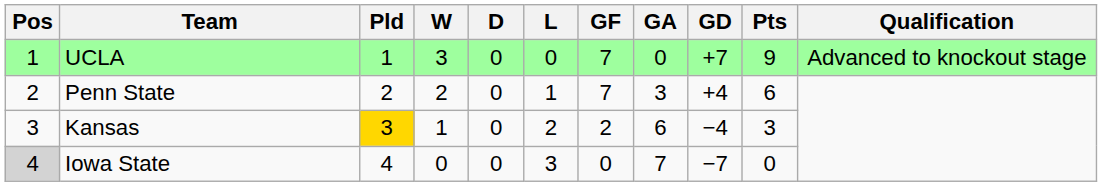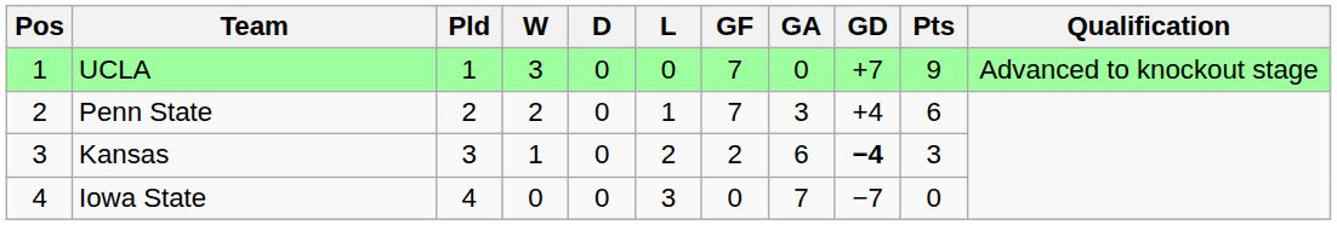 <table class="wikitable" style="text-align:center; margin: 1em auto">
 <tr>
 <th style="width:2em">Pos</th>
 <th style="width:13em">Team</th>
 <th style="width:2em">Pld</th>
 <th style="width:2em">W</th>
 <th style="width:2em">D</th>
 <th style="width:2em">L</th>
 <th style="width:2em">GF</th>
 <th style="width:2em">GA</th>
 <th style="width:2em">GD</th>
 <th style="width:2em">Pts</th>
 <th style="width:13em">Qualification</th>
 </tr>
 <tr bgcolor="#9eff9e">
 <td>1</td>
 <td style="text-align:left">UCLA</td>
 <td>1</td>
 <td>3</td>
 <td>0</td>
 <td>0</td>
 <td>7</td>
 <td>0</td>
 <td>+7</td>
 <td>9</td>
 <td>Advanced to knockout stage</td>
 </tr>
 <tr>
 <td>2</td>
 <td style="text-align:left">Penn State</td>
 <td>2</td>
 <td>2</td>
 <td>0</td>
 <td>1</td>
 <td>7</td>
 <td>3</td>
 <td>+4</td>
 <td>6</td>
 <td rowspan="3"></td>
 </tr>
 <tr>
 <td>3</td>
 <td style="text-align:left">Kansas</td>
-<td style="background: gold;">3</td>
+<td>3</td>
 <td>1</td>
 <td>0</td>
 <td>2</td>
 <td>2</td>
 <td>6</td>
-<td>−4</td>
+<td><strong>−4</strong></td>
 <td>3</td>
 </tr>
 <tr>
-<td style="background: lightgrey;">4</td>
+<td>4</td>
 <td style="text-align:left">Iowa State</td>
 <td>4</td>
 <td>0</td>
 <td>0</td>
 <td>3</td>
 <td>0</td>
 <td>7</td>
 <td>−7</td>
 <td>0</td>
 </tr>
 </table>
